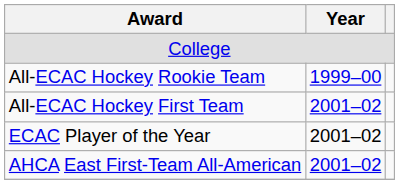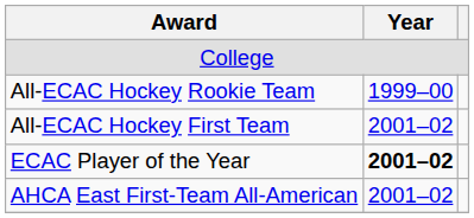 <table class="wikitable">
 <tr>
 <th>Award</th>
 <th>Year</th>
 <th></th>
 </tr>
 <tr ALIGN="center" bgcolor="#e0e0e0">
 <td colspan="3"><a href='#'>College</a></td>
 </tr>
 <tr>
 <td>All-<a href='#'>ECAC Hockey</a> <a href='#'>Rookie Team</a></td>
 <td><a href='#'>1999–00</a></td>
 <td></td>
 </tr>
 <tr>
 <td>All-<a href='#'>ECAC Hockey</a> <a href='#'>First Team</a></td>
 <td><a href='#'>2001–02</a></td>
 <td></td>
 </tr>
 <tr>
 <td><a href='#'>ECAC</a> Player of the Year</td>
-<td>2001–02</td>
+<td><strong>2001–02</strong></td>
 <td></td>
 </tr>
 <tr>
 <td><a href='#'>AHCA</a> <a href='#'>East First-Team All-American</a></td>
 <td><a href='#'>2001–02</a></td>
 <td></td>
 </tr>
 <tr>
 </tr>
 </table>
